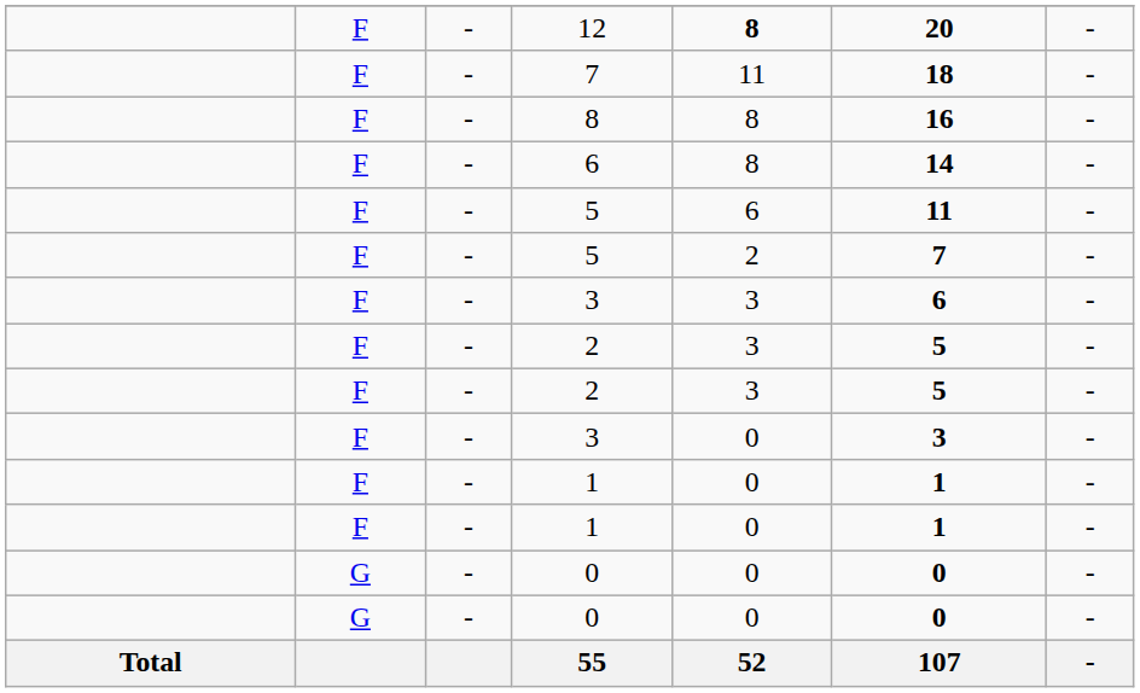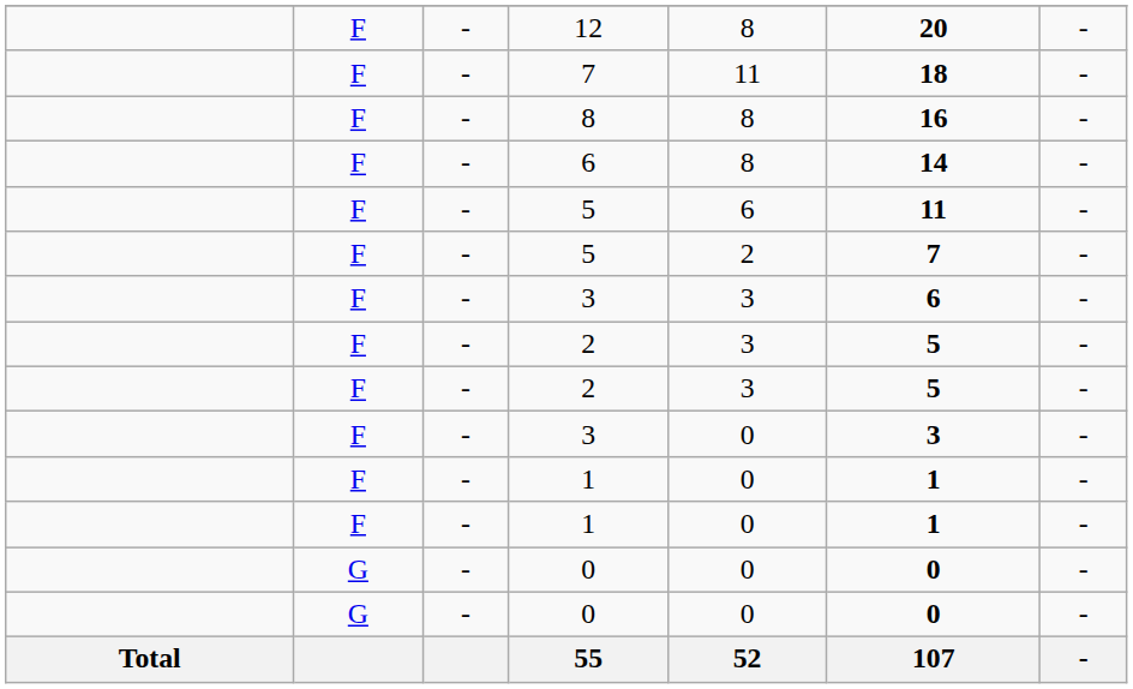 <table class="wikitable sortable" width ="50%">
 <tr align="center">
 </tr>
 <tr align="center" bgcolor="">
 <td></td>
 <td><a href='#'>F</a></td>
 <td>-</td>
 <td>12</td>
-<td><strong>8</strong></td>
+<td>8</td>
 <td><strong>20</strong></td>
 <td>-</td>
 </tr>
 <tr align="center" bgcolor="">
 <td></td>
 <td><a href='#'>F</a></td>
 <td>-</td>
 <td>7</td>
 <td>11</td>
 <td><strong>18</strong></td>
 <td>-</td>
 </tr>
 <tr align="center" bgcolor="">
 <td></td>
 <td><a href='#'>F</a></td>
 <td>-</td>
 <td>8</td>
 <td>8</td>
 <td><strong>16</strong></td>
 <td>-</td>
 </tr>
 <tr align="center" bgcolor="">
 <td></td>
 <td><a href='#'>F</a></td>
 <td>-</td>
 <td>6</td>
 <td>8</td>
 <td><strong>14</strong></td>
 <td>-</td>
 </tr>
 <tr align="center" bgcolor="">
 <td></td>
 <td><a href='#'>F</a></td>
 <td>-</td>
 <td>5</td>
 <td>6</td>
 <td><strong>11</strong></td>
 <td>-</td>
 </tr>
 <tr align="center" bgcolor="">
 <td></td>
 <td><a href='#'>F</a></td>
 <td>-</td>
 <td>5</td>
 <td>2</td>
 <td><strong>7</strong></td>
 <td>-</td>
 </tr>
 <tr align="center" bgcolor="">
 <td></td>
 <td><a href='#'>F</a></td>
 <td>-</td>
 <td>3</td>
 <td>3</td>
 <td><strong>6</strong></td>
 <td>-</td>
 </tr>
 <tr align="center" bgcolor="">
 <td></td>
 <td><a href='#'>F</a></td>
 <td>-</td>
 <td>2</td>
 <td>3</td>
 <td><strong>5</strong></td>
 <td>-</td>
 </tr>
 <tr align="center" bgcolor="">
 <td></td>
 <td><a href='#'>F</a></td>
 <td>-</td>
 <td>2</td>
 <td>3</td>
 <td><strong>5</strong></td>
 <td>-</td>
 </tr>
 <tr align="center" bgcolor="">
 <td></td>
 <td><a href='#'>F</a></td>
 <td>-</td>
 <td>3</td>
 <td>0</td>
 <td><strong>3</strong></td>
 <td>-</td>
 </tr>
 <tr align="center" bgcolor="">
 <td></td>
 <td><a href='#'>F</a></td>
 <td>-</td>
 <td>1</td>
 <td>0</td>
 <td><strong>1</strong></td>
 <td>-</td>
 </tr>
 <tr align="center" bgcolor="">
 <td></td>
 <td><a href='#'>F</a></td>
 <td>-</td>
 <td>1</td>
 <td>0</td>
 <td><strong>1</strong></td>
 <td>-</td>
 </tr>
 <tr align="center" bgcolor="">
 <td></td>
 <td><a href='#'>G</a></td>
 <td>-</td>
 <td>0</td>
 <td>0</td>
 <td><strong>0</strong></td>
 <td>-</td>
 </tr>
 <tr align="center" bgcolor="">
 <td></td>
 <td><a href='#'>G</a></td>
 <td>-</td>
 <td>0</td>
 <td>0</td>
 <td><strong>0</strong></td>
 <td>-</td>
 </tr>
 <tr>
 <th>Total</th>
 <th></th>
 <th></th>
 <th>55</th>
 <th>52</th>
 <th>107</th>
 <th>-</th>
 </tr>
 </table>
